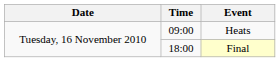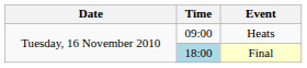 <table class = "wikitable" style="text-align:center;">
 <tr>
 <th width=220>Date</th>
 <th width=50>Time</th>
 <th width=100>Event</th>
 </tr>
 <tr>
 <td rowspan=2>Tuesday, 16 November 2010</td>
 <td>09:00</td>
 <td>Heats</td>
 </tr>
 <tr>
-<td>18:00</td>
+<td style="background: lightblue;">18:00</td>
 <td bgcolor=ffffcc>Final</td>
 </tr>
 </table>
